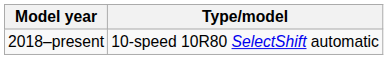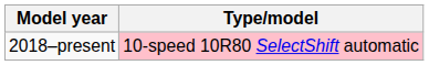 <table class="wikitable">
 <tr>
 <th>Model year</th>
 <th>Type/model</th>
 </tr>
 <tr>
 <td>2018–present</td>
-<td>10-speed 10R80 <em><a href='#'>SelectShift</a></em> automatic</td>
+<td style="background: pink;">10-speed 10R80 <em><a href='#'>SelectShift</a></em> automatic</td>
 </tr>
 </table>
